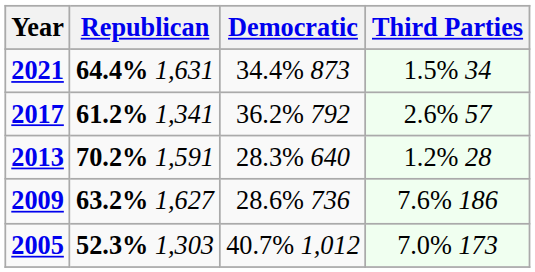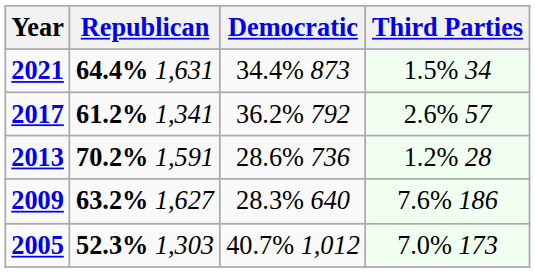 <table class="wikitable" style="float:right; font-size:95%;">
 <tr bgcolor=lightgrey>
 <th>Year</th>
 <th><a href='#'>Republican</a></th>
 <th><a href='#'>Democratic</a></th>
 <th><a href='#'>Third Parties</a></th>
 </tr>
 <tr>
 <td style="text-align:center; "><strong><a href='#'>2021</a></strong></td>
 <td style="text-align:center; "><strong>64.4%</strong> <em>1,631</em></td>
 <td style="text-align:center; ">34.4%  <em>873</em></td>
 <td style="text-align:center; background:honeyDew;">1.5% <em>34</em></td>
 </tr>
 <tr>
 <td style="text-align:center; "><strong><a href='#'>2017</a></strong></td>
 <td style="text-align:center; "><strong>61.2%</strong> <em>1,341</em></td>
 <td style="text-align:center; ">36.2%  <em>792</em></td>
 <td style="text-align:center; background:honeyDew;">2.6% <em>57</em></td>
 </tr>
 <tr>
 <td style="text-align:center; "><strong><a href='#'>2013</a></strong></td>
 <td style="text-align:center; "><strong>70.2%</strong> <em>1,591</em></td>
-<td style="text-align:center; ">28.3%  <em>640</em></td>
+<td style="text-align:center; ">28.6%  <em>736</em></td>
 <td style="text-align:center; background:honeyDew;">1.2% <em>28</em></td>
 </tr>
 <tr>
 <td style="text-align:center; "><strong><a href='#'>2009</a></strong></td>
 <td style="text-align:center; "><strong>63.2%</strong> <em>1,627</em></td>
-<td style="text-align:center; ">28.6%  <em>736</em></td>
+<td style="text-align:center; ">28.3%  <em>640</em></td>
 <td style="text-align:center; background:honeyDew;">7.6% <em>186</em></td>
 </tr>
 <tr>
 <td style="text-align:center; "><strong><a href='#'>2005</a></strong></td>
 <td style="text-align:center; "><strong>52.3%</strong> <em>1,303</em></td>
 <td style="text-align:center; ">40.7%  <em>1,012</em></td>
 <td style="text-align:center; background:honeyDew;">7.0% <em>173</em></td>
 </tr>
 </table>
